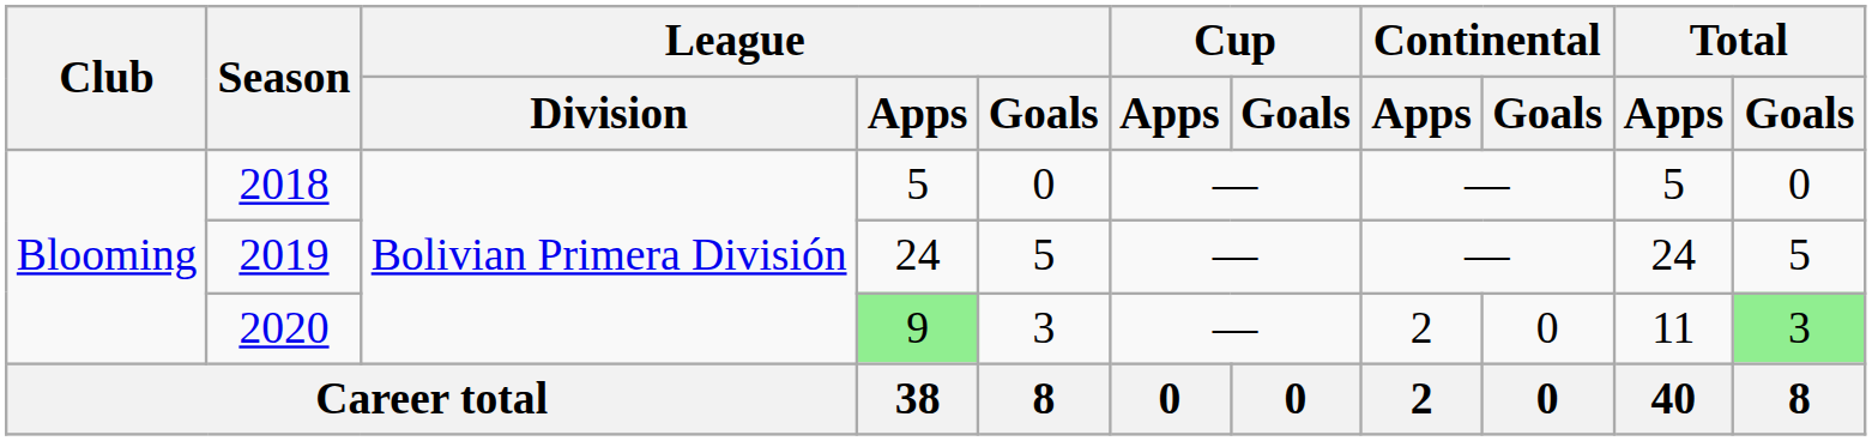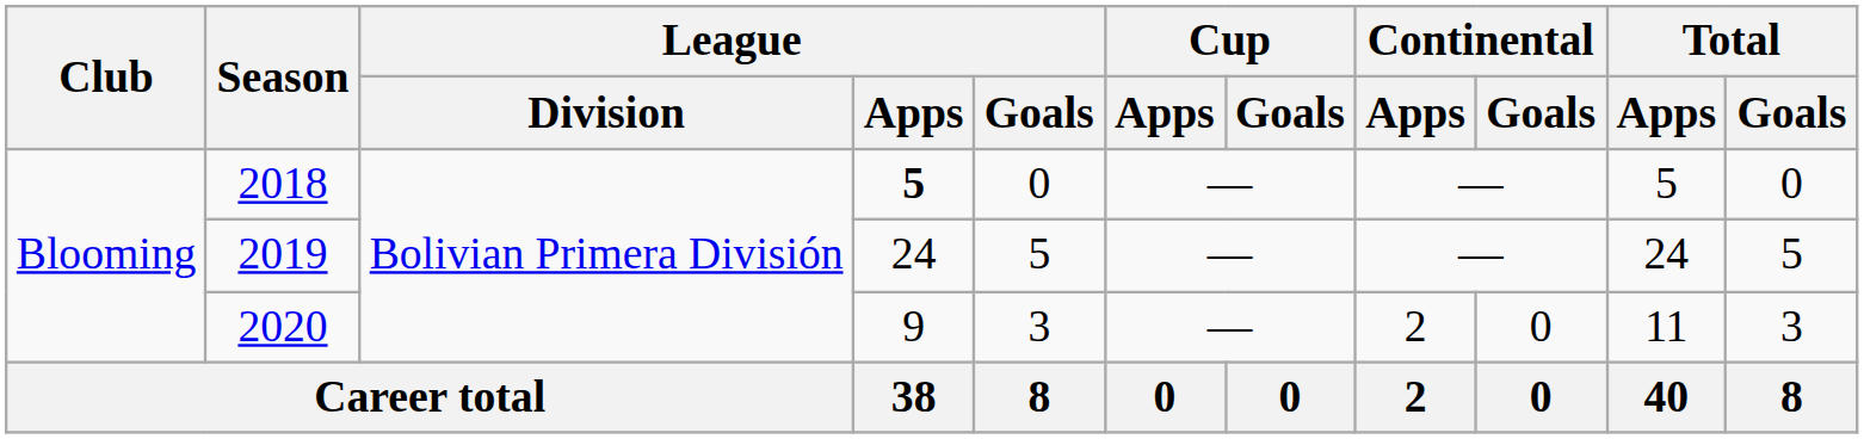 <table class="wikitable" Style="text-align: center">
 <tr>
 <th rowspan="2">Club</th>
 <th rowspan="2">Season</th>
 <th colspan="3">League</th>
 <th colspan="2">Cup</th>
 <th colspan="2">Continental</th>
 <th colspan="2">Total</th>
 </tr>
 <tr>
 <th>Division</th>
 <th>Apps</th>
 <th>Goals</th>
 <th>Apps</th>
 <th>Goals</th>
 <th>Apps</th>
 <th>Goals</th>
 <th>Apps</th>
 <th>Goals</th>
 </tr>
 <tr>
 <td rowspan="3"><a href='#'>Blooming</a></td>
 <td><a href='#'>2018</a></td>
 <td rowspan="3"><a href='#'>Bolivian Primera División</a></td>
-<td>5</td>
+<td><strong>5</strong></td>
 <td>0</td>
 <td colspan="2">—</td>
 <td colspan="2">—</td>
 <td>5</td>
 <td>0</td>
 </tr>
 <tr>
 <td><a href='#'>2019</a></td>
 <td>24</td>
 <td>5</td>
 <td colspan="2">—</td>
 <td colspan="2">—</td>
 <td>24</td>
 <td>5</td>
 </tr>
 <tr>
 <td><a href='#'>2020</a></td>
-<td style="background: lightgreen;">9</td>
+<td>9</td>
 <td>3</td>
 <td colspan="2">—</td>
 <td>2</td>
 <td>0</td>
 <td>11</td>
-<td style="background: lightgreen;">3</td>
+<td>3</td>
 </tr>
 <tr>
 <th colspan="3">Career total</th>
 <th>38</th>
 <th>8</th>
 <th>0</th>
 <th>0</th>
 <th>2</th>
 <th>0</th>
 <th>40</th>
 <th>8</th>
 </tr>
 </table>
